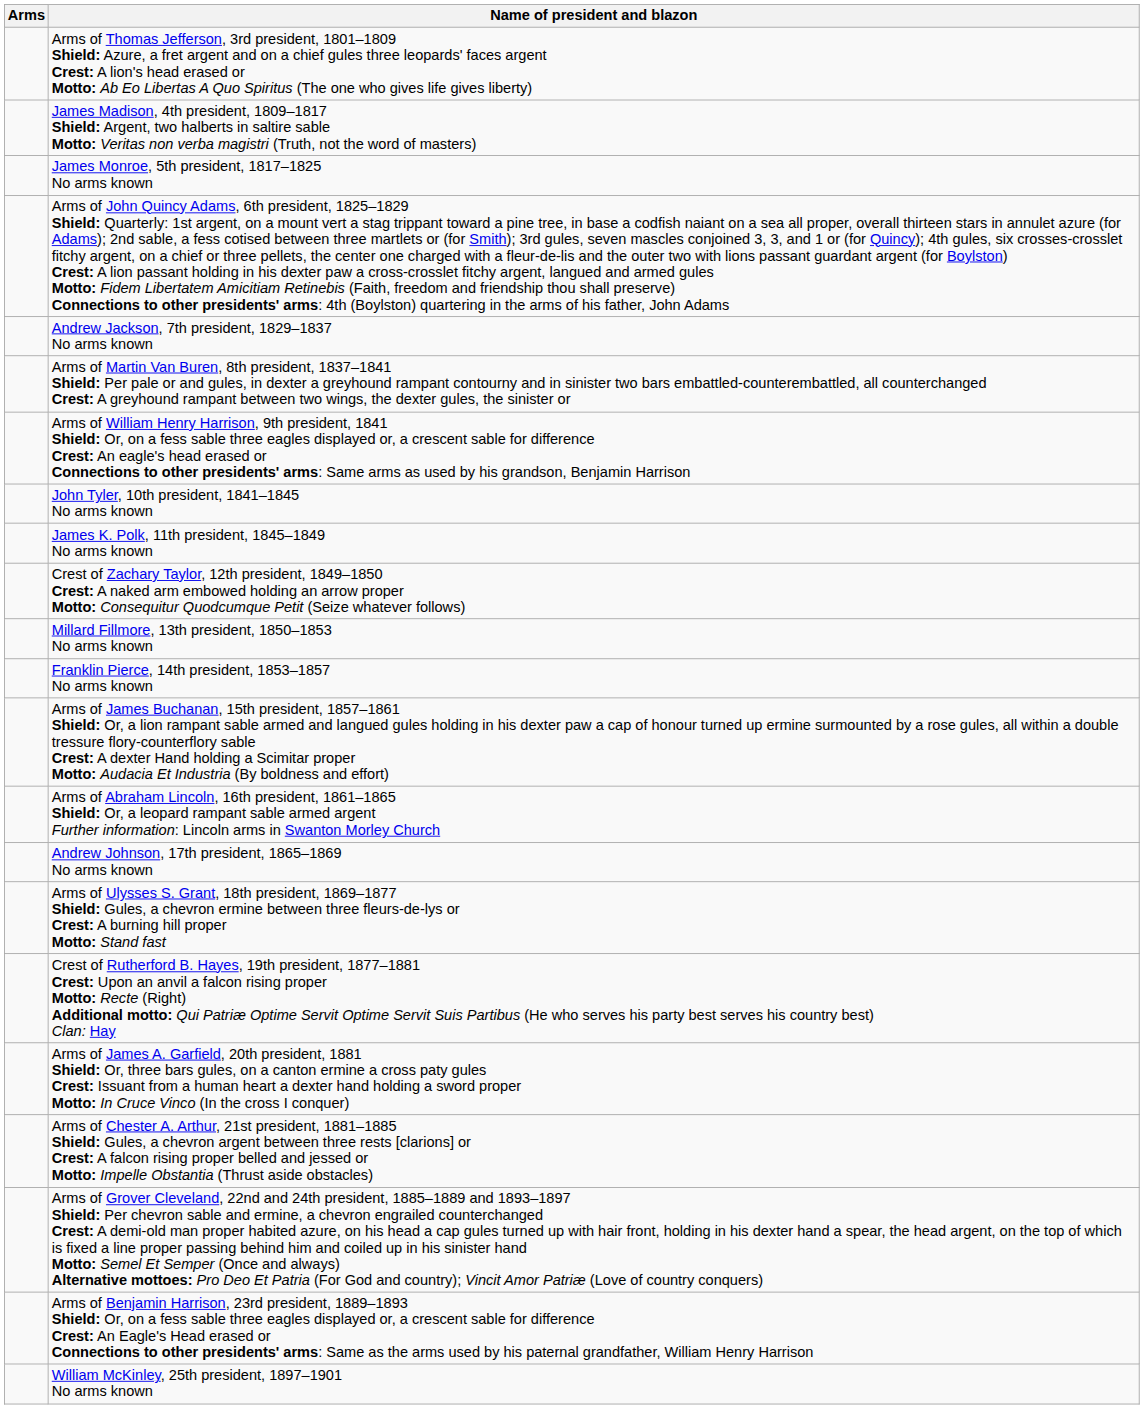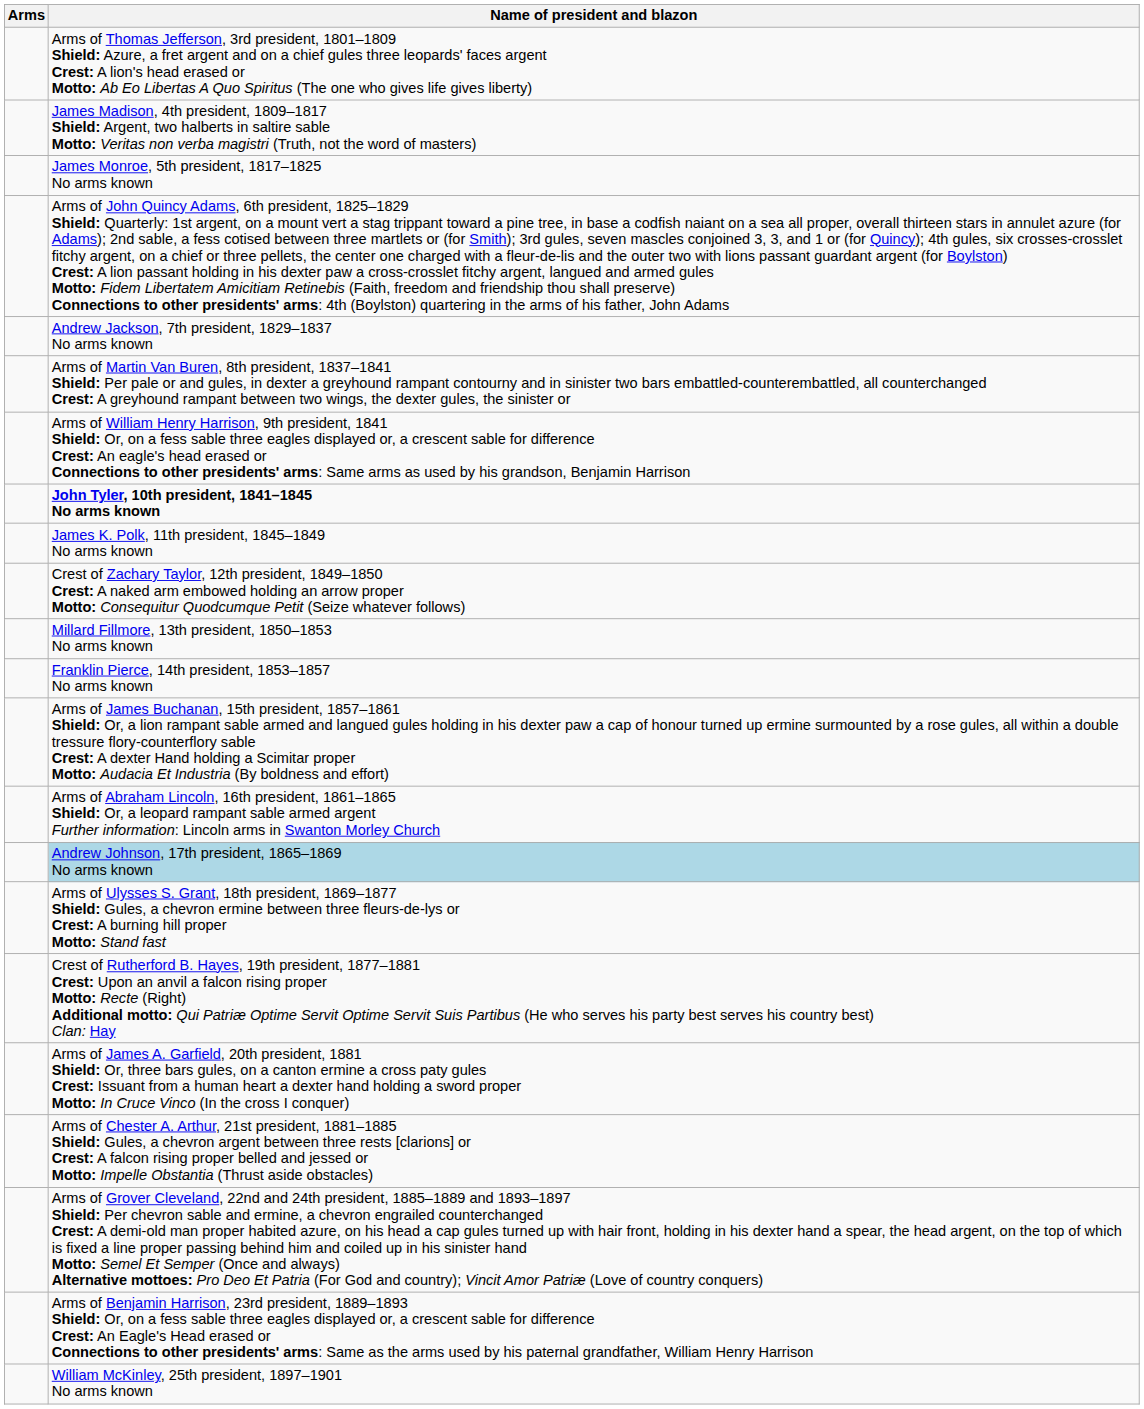 <table class=wikitable>
 <tr style="vertical-align:top; text-align:center;">
 <th>Arms</th>
 <th>Name of president and blazon</th>
 </tr>
 <tr valign=top>
 <td align=center></td>
 <td>Arms of <a href='#'>Thomas Jefferson</a>, 3rd president, 1801–1809<br><strong>Shield:</strong> Azure, a fret argent and on a chief gules three leopards' faces argent<br><strong>Crest:</strong> A lion's head erased or<br><strong>Motto:</strong> <em>Ab Eo Libertas A Quo Spiritus</em> (The one who gives life gives liberty)</td>
 </tr>
 <tr valign=top>
 <td></td>
 <td><a href='#'>James Madison</a>, 4th president, 1809–1817<br><strong>Shield:</strong> Argent, two halberts in saltire sable<br><strong>Motto:</strong> <em>Veritas non verba magistri</em> (Truth, not the word of masters)</td>
 </tr>
 <tr valign=top>
 <td></td>
 <td><a href='#'>James Monroe</a>, 5th president, 1817–1825<br>No arms known</td>
 </tr>
 <tr valign=top>
 <td align=center></td>
 <td>Arms of <a href='#'>John Quincy Adams</a>, 6th president, 1825–1829<br><strong>Shield:</strong> Quarterly: 1st argent, on a mount vert a stag trippant toward a pine tree, in base a codfish naiant on a sea all proper, overall thirteen stars in annulet azure (for <a href='#'>Adams</a>); 2nd sable, a fess cotised between three martlets or (for <a href='#'>Smith</a>); 3rd gules, seven mascles conjoined 3, 3, and 1 or (for <a href='#'>Quincy</a>); 4th gules, six crosses-crosslet fitchy argent, on a chief or three pellets, the center one charged with a fleur-de-lis and the outer two with lions passant guardant argent (for <a href='#'>Boylston</a>)<br><strong>Crest:</strong> A lion passant holding in his dexter paw a cross-crosslet fitchy argent, langued and armed gules<br><strong>Motto:</strong> <em>Fidem Libertatem Amicitiam Retinebis</em> (Faith, freedom and friendship thou shall preserve)<br><strong>Connections to other presidents' arms</strong>: 4th (Boylston) quartering in the arms of his father, John Adams</td>
 </tr>
 <tr valign=top>
 <td></td>
 <td><a href='#'>Andrew Jackson</a>, 7th president, 1829–1837<br>No arms known</td>
 </tr>
 <tr valign=top>
 <td align=center></td>
 <td>Arms of <a href='#'>Martin Van Buren</a>, 8th president, 1837–1841<br><strong>Shield:</strong> Per pale or and gules, in dexter a greyhound rampant contourny and in sinister two bars embattled-counterembattled, all counterchanged<br><strong>Crest:</strong> A greyhound rampant between two wings, the dexter gules, the sinister or</td>
 </tr>
 <tr valign=top>
 <td align=center></td>
 <td>Arms of <a href='#'>William Henry Harrison</a>, 9th president, 1841<br><strong>Shield:</strong> Or, on a fess sable three eagles displayed or, a crescent sable for difference<br><strong>Crest:</strong> An eagle's head erased or<br><strong>Connections to other presidents' arms</strong>: Same arms as used by his grandson, Benjamin Harrison</td>
 </tr>
 <tr valign=top>
 <td></td>
-<td><a href='#'>John Tyler</a>, 10th president, 1841–1845<br>No arms known</td>
+<td><strong><a href='#'>John Tyler</a>, 10th president, 1841–1845<br>No arms known</strong></td>
 </tr>
 <tr valign=top>
 <td></td>
 <td><a href='#'>James K. Polk</a>, 11th president, 1845–1849<br>No arms known</td>
 </tr>
 <tr valign=top>
 <td align=center></td>
 <td>Crest of <a href='#'>Zachary Taylor</a>, 12th president, 1849–1850<br><strong>Crest:</strong> A naked arm embowed holding an arrow proper<br><strong>Motto:</strong> <em>Consequitur Quodcumque Petit</em> (Seize whatever follows)</td>
 </tr>
 <tr valign=top>
 <td></td>
 <td><a href='#'>Millard Fillmore</a>, 13th president, 1850–1853<br>No arms known</td>
 </tr>
 <tr valign=top>
 <td></td>
 <td><a href='#'>Franklin Pierce</a>, 14th president, 1853–1857<br>No arms known</td>
 </tr>
 <tr valign=top>
 <td></td>
 <td>Arms of <a href='#'>James Buchanan</a>, 15th president, 1857–1861<br><strong>Shield:</strong> Or, a lion rampant sable armed and langued gules holding in his dexter paw a cap of honour turned up ermine surmounted by a rose gules, all within a double tressure flory-counterflory sable<br><strong>Crest:</strong> A dexter Hand holding a Scimitar proper<br><strong>Motto:</strong> <em>Audacia Et Industria</em> (By boldness and effort)</td>
 </tr>
 <tr valign=top>
 <td></td>
 <td>Arms of <a href='#'>Abraham Lincoln</a>, 16th president, 1861–1865<br><strong>Shield:</strong> Or, a leopard rampant sable armed argent<br><em>Further information</em>: Lincoln arms in <a href='#'>Swanton Morley Church</a></td>
 </tr>
 <tr valign=top>
 <td></td>
-<td><a href='#'>Andrew Johnson</a>, 17th president, 1865–1869<br>No arms known</td>
+<td style="background: lightblue;"><a href='#'>Andrew Johnson</a>, 17th president, 1865–1869<br>No arms known</td>
 </tr>
 <tr valign=top>
 <td></td>
 <td>Arms of <a href='#'>Ulysses S. Grant</a>, 18th president, 1869–1877<br><strong>Shield:</strong> Gules, a chevron ermine between three fleurs-de-lys or<br><strong>Crest:</strong> A burning hill proper<br><strong>Motto:</strong> <em>Stand fast</em></td>
 </tr>
 <tr valign=top>
 <td align=center></td>
 <td>Crest of <a href='#'>Rutherford B. Hayes</a>, 19th president, 1877–1881<br><strong>Crest:</strong>  Upon an anvil a falcon rising proper<br><strong>Motto:</strong> <em>Recte</em> (Right)<br><strong>Additional motto:</strong> <em>Qui Patriæ Optime Servit Optime Servit Suis Partibus</em> (He who serves his party best serves his country best)<br><em>Clan:</em> <a href='#'>Hay</a></td>
 </tr>
 <tr valign=top>
 <td align=center></td>
 <td>Arms of <a href='#'>James A. Garfield</a>, 20th president, 1881<br><strong>Shield:</strong> Or, three bars gules, on a canton ermine a cross paty gules<br><strong>Crest:</strong> Issuant from a human heart a dexter hand holding a sword proper<br><strong>Motto:</strong> <em>In Cruce Vinco</em> (In the cross I conquer)</td>
 </tr>
 <tr valign=top>
 <td align=center></td>
 <td>Arms of <a href='#'>Chester A. Arthur</a>, 21st president, 1881–1885<br><strong>Shield:</strong> Gules, a chevron argent between three rests [clarions] or<br><strong>Crest:</strong> A falcon rising proper belled and jessed or<br><strong>Motto:</strong> <em>Impelle Obstantia</em> (Thrust aside obstacles)</td>
 </tr>
 <tr valign=top>
 <td align=center></td>
 <td>Arms of <a href='#'>Grover Cleveland</a>, 22nd and 24th president, 1885–1889 and 1893–1897<br><strong>Shield:</strong> Per chevron sable and ermine, a chevron engrailed counterchanged<br><strong>Crest:</strong> A demi-old man proper habited azure, on his head a cap gules turned up with hair front, holding in his dexter hand a spear, the head argent, on the top of which is fixed a line proper passing behind him and coiled up in his sinister hand<br><strong>Motto:</strong> <em>Semel Et Semper</em> (Once and always)<br><strong>Alternative mottoes:</strong> <em>Pro Deo Et Patria</em> (For God and country); <em>Vincit Amor Patriæ</em> (Love of country conquers)</td>
 </tr>
 <tr valign=top>
 <td align=center></td>
 <td>Arms of <a href='#'>Benjamin Harrison</a>, 23rd president, 1889–1893<br><strong>Shield:</strong> Or, on a fess sable three eagles displayed or, a crescent sable for difference<br><strong>Crest:</strong> An Eagle's Head erased or<br><strong>Connections to other presidents' arms</strong>: Same as the arms used by his paternal grandfather, William Henry Harrison</td>
 </tr>
 <tr valign=top>
 <td></td>
 <td><a href='#'>William McKinley</a>, 25th president, 1897–1901<br>No arms known</td>
 </tr>
 </table>
